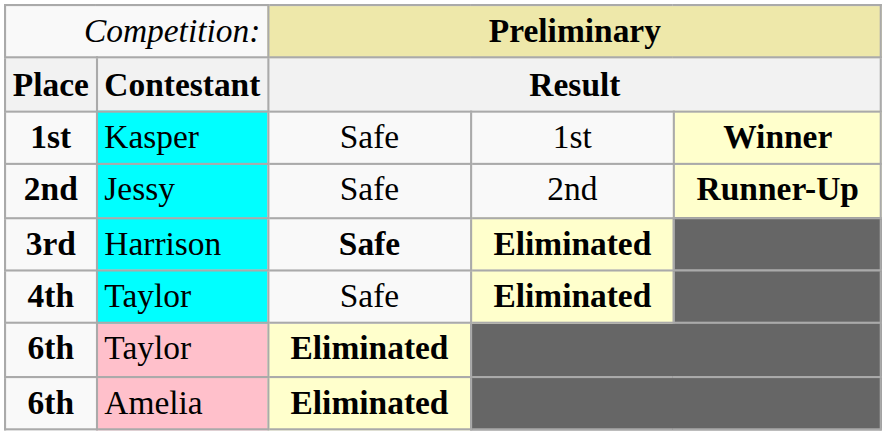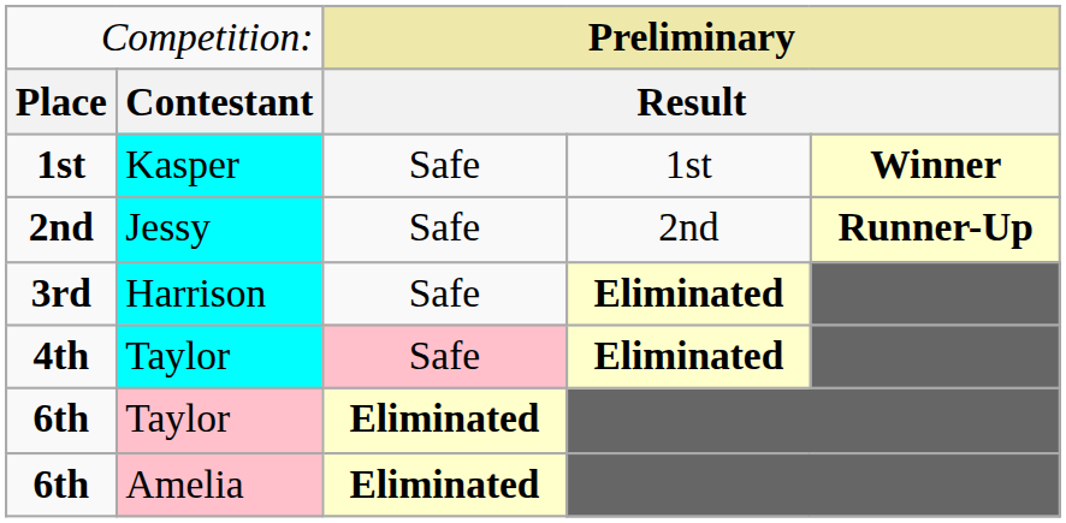 <table class="wikitable">
 <tr>
 <td width=30% colspan="2" align="right"><em>Competition:</em></td>
 <td colspan="11" bgcolor="palegoldenrod" align="Center"><strong>Preliminary</strong></td>
 </tr>
 <tr>
 <th>Place</th>
 <th>Contestant</th>
 <th colspan="14" align="center">Result</th>
 </tr>
 <tr>
 <td align="center"><strong>1st</strong></td>
 <td bgcolor="cyan">Kasper</td>
 <td align="center">Safe</td>
 <td align="center">1st</td>
 <td bgcolor="FFFFCC" align="center"><strong>Winner</strong></td>
 </tr>
 <tr>
 <td align="center"><strong>2nd</strong></td>
 <td bgcolor="cyan">Jessy</td>
 <td align="center">Safe</td>
 <td align="center">2nd</td>
 <td bgcolor="FFFFCC" align="center"><strong>Runner-Up</strong></td>
 </tr>
 <tr>
 <td align="center"><strong>3rd</strong></td>
 <td bgcolor="cyan">Harrison</td>
-<td align="center"><strong>Safe</strong></td>
+<td align="center">Safe</td>
 <td bgcolor="FFFFCC" align="center"><strong>Eliminated</strong></td>
 <td colspan="1" bgcolor="666666"></td>
 </tr>
 <tr>
 <td align="center"><strong>4th</strong></td>
 <td bgcolor="cyan">Taylor</td>
-<td align="center">Safe</td>
+<td align="center" style="background: pink;">Safe</td>
 <td bgcolor="FFFFCC" align="center"><strong>Eliminated</strong></td>
 <td colspan="1" bgcolor="666666"></td>
 </tr>
 <tr>
 <td align="center"><strong>6th</strong></td>
 <td bgcolor="pink">Taylor</td>
 <td bgcolor="FFFFCC" align="center"><strong>Eliminated</strong></td>
 <td colspan="2" bgcolor="666666"></td>
 </tr>
 <tr>
 <td align="center"><strong>6th</strong></td>
 <td bgcolor="pink">Amelia</td>
 <td bgcolor="FFFFCC" align="center"><strong>Eliminated</strong></td>
 <td colspan="2" bgcolor="666666"></td>
 </tr>
 </table>
